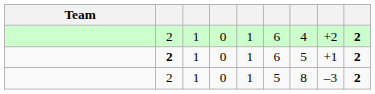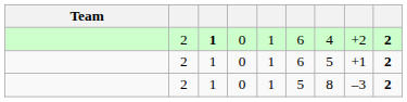 <table class="wikitable" style="text-align:center">
 <tr>
 <th width=175>Team</th>
 <th width=25></th>
 <th width=25></th>
 <th width=25></th>
 <th width=25></th>
 <th width=25></th>
 <th width=25></th>
 <th width=25></th>
 <th width=25></th>
 </tr>
 <tr align=center bgcolor=#ccffcc>
 <td align=left></td>
 <td>2</td>
-<td>1</td>
+<td><strong>1</strong></td>
 <td>0</td>
 <td>1</td>
 <td>6</td>
 <td>4</td>
 <td>+2</td>
 <td><strong>2</strong></td>
 </tr>
 <tr>
 <td align=left></td>
-<td><strong>2</strong></td>
+<td>2</td>
 <td>1</td>
 <td>0</td>
 <td>1</td>
 <td>6</td>
 <td>5</td>
 <td>+1</td>
 <td><strong>2</strong></td>
 </tr>
 <tr>
 <td align=left></td>
 <td>2</td>
 <td>1</td>
 <td>0</td>
 <td>1</td>
 <td>5</td>
 <td>8</td>
 <td>–3</td>
 <td><strong>2</strong></td>
 </tr>
 </table>
